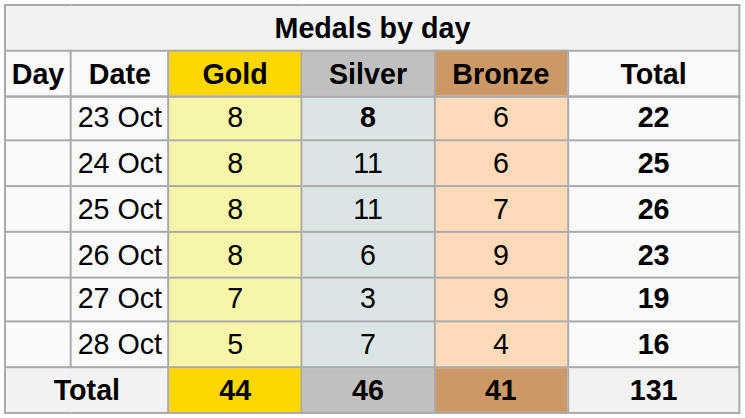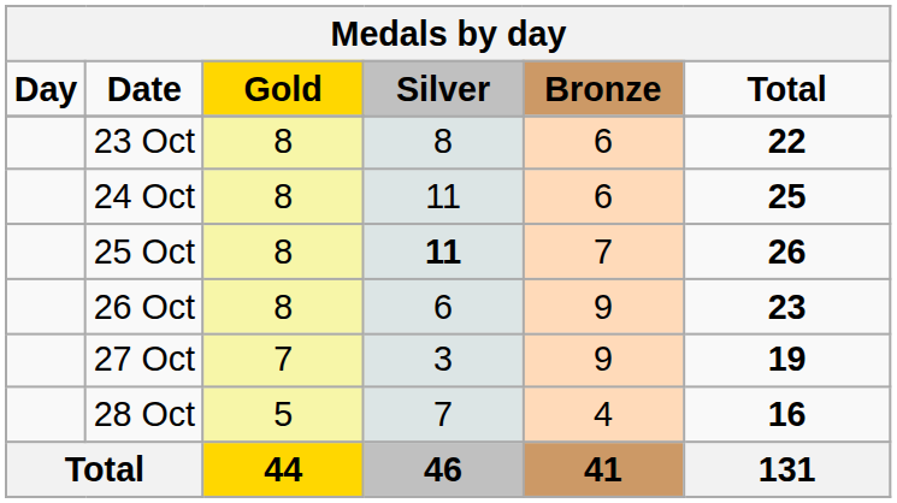 <table class="wikitable" style="font-size:90%; text-align:center;">
 <tr style="background:#efefef;">
 <th colspan=6>Medals by day</th>
 </tr>
 <tr>
 <td><strong>Day</strong></td>
 <td><strong>Date</strong></td>
 <td width=60 style="background:gold;"><strong>Gold </strong></td>
 <td width=60 style="background:silver;"><strong>Silver </strong></td>
 <td width=60 style="background:#c96;"><strong>Bronze </strong></td>
 <td width=80><strong>Total</strong></td>
 </tr>
 <tr>
 </tr>
 <tr>
 <td></td>
 <td>23 Oct</td>
 <td style="background:#F7F6A8;">8</td>
-<td style="background:#DCE5E5;"><strong>8</strong></td>
+<td style="background:#DCE5E5;">8</td>
 <td style="background:#FFDAB9;">6</td>
 <td><strong>22</strong></td>
 </tr>
 <tr>
 <td></td>
 <td>24 Oct</td>
 <td style="background:#F7F6A8;">8</td>
 <td style="background:#DCE5E5;">11</td>
 <td style="background:#FFDAB9;">6</td>
 <td><strong>25</strong></td>
 </tr>
 <tr>
 <td></td>
 <td>25 Oct</td>
 <td style="background:#F7F6A8;">8</td>
-<td style="background:#DCE5E5;">11</td>
+<td style="background:#DCE5E5;"><strong>11</strong></td>
 <td style="background:#FFDAB9;">7</td>
 <td><strong>26</strong></td>
 </tr>
 <tr>
 <td></td>
 <td>26 Oct</td>
 <td style="background:#F7F6A8;">8</td>
 <td style="background:#DCE5E5;">6</td>
 <td style="background:#FFDAB9;">9</td>
 <td><strong>23</strong></td>
 </tr>
 <tr>
 <td></td>
 <td>27 Oct</td>
 <td style="background:#F7F6A8;">7</td>
 <td style="background:#DCE5E5;">3</td>
 <td style="background:#FFDAB9;">9</td>
 <td><strong>19</strong></td>
 </tr>
 <tr>
 <td></td>
 <td>28 Oct</td>
 <td style="background:#F7F6A8;">5</td>
 <td style="background:#DCE5E5;">7</td>
 <td style="background:#FFDAB9;">4</td>
 <td><strong>16</strong></td>
 </tr>
 <tr>
 <th colspan="2">Total</th>
 <th style=background:gold>44</th>
 <th style=background:silver>46</th>
 <th style=background:#c96>41</th>
 <th>131</th>
 </tr>
 </table>
